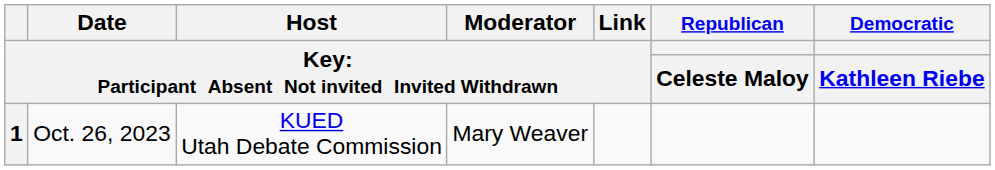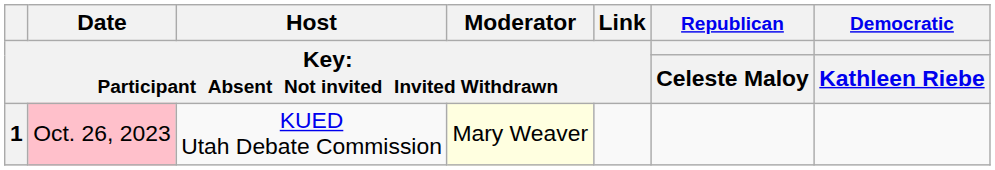 <table class="wikitable" style="text-align:center;">
 <tr>
 <th scope="col"></th>
 <th scope="col">Date</th>
 <th scope="col">Host</th>
 <th scope="col">Moderator</th>
 <th scope="col">Link</th>
 <th scope="col"><small><a href='#'>Republican</a></small></th>
 <th scope="col"><small><a href='#'>Democratic</a></small></th>
 </tr>
 <tr>
 <th colspan="5" rowspan="2">Key:<br> <small>Participant </small>  <small>Absent </small>  <small>Not invited </small>  <small>Invited  Withdrawn</small></th>
 <th scope="col" style="background:"></th>
 <th scope="col" style="background:"></th>
 </tr>
 <tr>
 <th scope="col">Celeste Maloy</th>
 <th scope="col"><a href='#'>Kathleen Riebe</a></th>
 </tr>
 <tr>
 <th>1</th>
-<td style="white-space:nowrap;">Oct. 26, 2023</td>
+<td style="background: pink; white-space:nowrap;">Oct. 26, 2023</td>
 <td style="white-space:nowrap;"><a href='#'>KUED</a><br>Utah Debate Commission</td>
-<td style="white-space:nowrap;">Mary Weaver</td>
+<td style="background: lightyellow; white-space:nowrap;">Mary Weaver</td>
 <td style="white-space:nowrap;"></td>
 <td></td>
 <td></td>
 </tr>
 </table>
